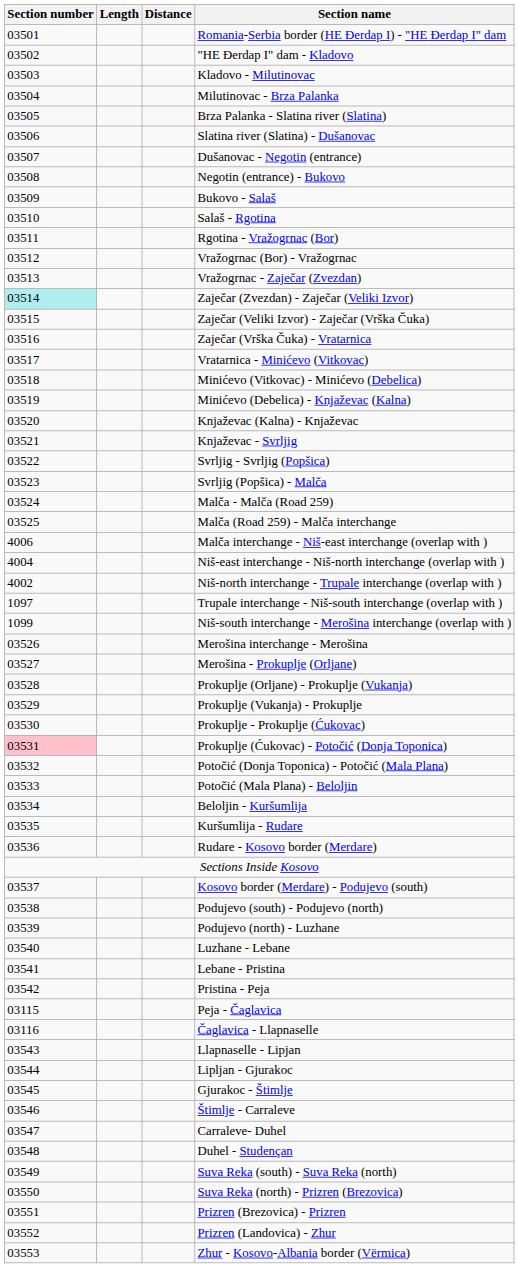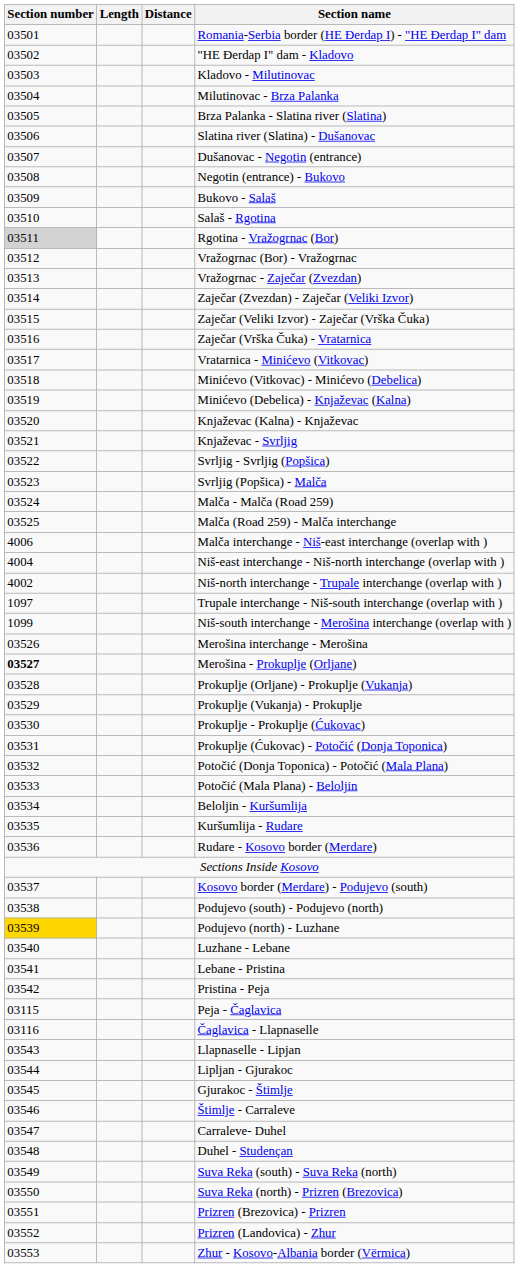 <table class="wikitable">
 <tr>
 <th>Section number</th>
 <th>Length</th>
 <th>Distance</th>
 <th>Section name</th>
 </tr>
 <tr>
 <td>03501</td>
 <td></td>
 <td></td>
 <td><a href='#'>Romania</a>-<a href='#'>Serbia</a> border (<a href='#'>HE Đerdap I</a>) - <a href='#'>"HE Đerdap I" dam</a></td>
 </tr>
 <tr>
 <td>03502</td>
 <td></td>
 <td></td>
 <td>"HE Đerdap I" dam - <a href='#'>Kladovo</a></td>
 </tr>
 <tr>
 <td>03503</td>
 <td></td>
 <td></td>
 <td>Kladovo - <a href='#'>Milutinovac</a></td>
 </tr>
 <tr>
 <td>03504</td>
 <td></td>
 <td></td>
 <td>Milutinovac - <a href='#'>Brza Palanka</a></td>
 </tr>
 <tr>
 <td>03505</td>
 <td></td>
 <td></td>
 <td>Brza Palanka - Slatina river (<a href='#'>Slatina</a>)</td>
 </tr>
 <tr>
 <td>03506</td>
 <td></td>
 <td></td>
 <td>Slatina river (Slatina) - <a href='#'>Dušanovac</a></td>
 </tr>
 <tr>
 <td>03507</td>
 <td></td>
 <td></td>
 <td>Dušanovac - <a href='#'>Negotin</a> (entrance)</td>
 </tr>
 <tr>
 <td>03508</td>
 <td></td>
 <td></td>
 <td>Negotin (entrance) - <a href='#'>Bukovo</a></td>
 </tr>
 <tr>
 <td>03509</td>
 <td></td>
 <td></td>
 <td>Bukovo - <a href='#'>Salaš</a></td>
 </tr>
 <tr>
 <td>03510</td>
 <td></td>
 <td></td>
 <td>Salaš - <a href='#'>Rgotina</a></td>
 </tr>
 <tr>
-<td>03511</td>
+<td style="background: lightgrey;">03511</td>
 <td></td>
 <td></td>
 <td>Rgotina - <a href='#'>Vražogrnac</a> (<a href='#'>Bor</a>)</td>
 </tr>
 <tr>
 <td>03512</td>
 <td></td>
 <td></td>
 <td>Vražogrnac (Bor) - Vražogrnac</td>
 </tr>
 <tr>
 <td>03513</td>
 <td></td>
 <td></td>
 <td>Vražogrnac - <a href='#'>Zaječar</a> (<a href='#'>Zvezdan</a>)</td>
 </tr>
 <tr>
-<td style="background: paleturquoise;">03514</td>
+<td>03514</td>
 <td></td>
 <td></td>
 <td>Zaječar (Zvezdan) - Zaječar (<a href='#'>Veliki Izvor</a>)</td>
 </tr>
 <tr>
 <td>03515</td>
 <td></td>
 <td></td>
 <td>Zaječar (Veliki Izvor) - Zaječar (Vrška Čuka)</td>
 </tr>
 <tr>
 <td>03516</td>
 <td></td>
 <td></td>
 <td>Zaječar (Vrška Čuka) - <a href='#'>Vratarnica</a></td>
 </tr>
 <tr>
 <td>03517</td>
 <td></td>
 <td></td>
 <td>Vratarnica - <a href='#'>Minićevo</a> (<a href='#'>Vitkovac</a>)</td>
 </tr>
 <tr>
 <td>03518</td>
 <td></td>
 <td></td>
 <td>Minićevo (Vitkovac) - Minićevo (<a href='#'>Debelica</a>)</td>
 </tr>
 <tr>
 <td>03519</td>
 <td></td>
 <td></td>
 <td>Minićevo (Debelica) - <a href='#'>Knjaževac</a> (<a href='#'>Kalna</a>)</td>
 </tr>
 <tr>
 <td>03520</td>
 <td></td>
 <td></td>
 <td>Knjaževac (Kalna) - Knjaževac</td>
 </tr>
 <tr>
 <td>03521</td>
 <td></td>
 <td></td>
 <td>Knjaževac - <a href='#'>Svrljig</a></td>
 </tr>
 <tr>
 <td>03522</td>
 <td></td>
 <td></td>
 <td>Svrljig - Svrljig (<a href='#'>Popšica</a>)</td>
 </tr>
 <tr>
 <td>03523</td>
 <td></td>
 <td></td>
 <td>Svrljig (Popšica) - <a href='#'>Malča</a></td>
 </tr>
 <tr>
 <td>03524</td>
 <td></td>
 <td></td>
 <td>Malča - Malča (Road 259)</td>
 </tr>
 <tr>
 <td>03525</td>
 <td></td>
 <td></td>
 <td>Malča (Road 259) - Malča interchange</td>
 </tr>
 <tr>
 <td>4006</td>
 <td></td>
 <td></td>
 <td>Malča interchange - <a href='#'>Niš</a>-east interchange (overlap with )</td>
 </tr>
 <tr>
 <td>4004</td>
 <td></td>
 <td></td>
 <td>Niš-east interchange -  Niš-north interchange (overlap with )</td>
 </tr>
 <tr>
 <td>4002</td>
 <td></td>
 <td></td>
 <td>Niš-north interchange - <a href='#'>Trupale</a> interchange (overlap with )</td>
 </tr>
 <tr>
 <td>1097</td>
 <td></td>
 <td></td>
 <td>Trupale interchange - Niš-south interchange (overlap with )</td>
 </tr>
 <tr>
 <td>1099</td>
 <td></td>
 <td></td>
 <td>Niš-south interchange - <a href='#'>Merošina</a> interchange (overlap with )</td>
 </tr>
 <tr>
 <td>03526</td>
 <td></td>
 <td></td>
 <td>Merošina interchange - Merošina</td>
 </tr>
 <tr>
-<td>03527</td>
+<td><strong>03527</strong></td>
 <td></td>
 <td></td>
 <td>Merošina - <a href='#'>Prokuplje</a> (<a href='#'>Orljane</a>)</td>
 </tr>
 <tr>
 <td>03528</td>
 <td></td>
 <td></td>
 <td>Prokuplje (Orljane) - Prokuplje (<a href='#'>Vukanja</a>)</td>
 </tr>
 <tr>
 <td>03529</td>
 <td></td>
 <td></td>
 <td>Prokuplje (Vukanja) - Prokuplje</td>
 </tr>
 <tr>
 <td>03530</td>
 <td></td>
 <td></td>
 <td>Prokuplje - Prokuplje (<a href='#'>Ćukovac</a>)</td>
 </tr>
 <tr>
-<td style="background: pink;">03531</td>
+<td>03531</td>
 <td></td>
 <td></td>
 <td>Prokuplje (Ćukovac) - <a href='#'>Potočić</a> (<a href='#'>Donja Toponica</a>)</td>
 </tr>
 <tr>
 <td>03532</td>
 <td></td>
 <td></td>
 <td>Potočić (Donja Toponica) - Potočić (<a href='#'>Mala Plana</a>)</td>
 </tr>
 <tr>
 <td>03533</td>
 <td></td>
 <td></td>
 <td>Potočić (Mala Plana) - <a href='#'>Beloljin</a></td>
 </tr>
 <tr>
 <td>03534</td>
 <td></td>
 <td></td>
 <td>Beloljin - <a href='#'>Kuršumlija</a></td>
 </tr>
 <tr>
 <td>03535</td>
 <td></td>
 <td></td>
 <td>Kuršumlija - <a href='#'>Rudare</a></td>
 </tr>
 <tr>
 <td>03536</td>
 <td></td>
 <td></td>
 <td>Rudare - <a href='#'>Kosovo</a> border (<a href='#'>Merdare</a>)</td>
 </tr>
 <tr>
 <td colspan="4" style="text-align:center;"><em>Sections Inside <a href='#'>Kosovo</a></em></td>
 </tr>
 <tr>
 <td>03537</td>
 <td></td>
 <td></td>
 <td><a href='#'>Kosovo</a> border (<a href='#'>Merdare</a>) - <a href='#'>Podujevo</a> (south)</td>
 </tr>
 <tr>
 <td>03538</td>
 <td></td>
 <td></td>
 <td>Podujevo (south) - Podujevo (north)</td>
 </tr>
 <tr>
-<td>03539</td>
+<td style="background: gold;">03539</td>
 <td></td>
 <td></td>
 <td>Podujevo (north) - Luzhane</td>
 </tr>
 <tr>
 <td>03540</td>
 <td></td>
 <td></td>
 <td>Luzhane - Lebane</td>
 </tr>
 <tr>
 <td>03541</td>
 <td></td>
 <td></td>
 <td>Lebane - Pristina</td>
 </tr>
 <tr>
 <td>03542</td>
 <td></td>
 <td></td>
 <td>Pristina - Peja</td>
 </tr>
 <tr>
 <td>03115</td>
 <td></td>
 <td></td>
 <td>Peja - <a href='#'>Čaglavica</a></td>
 </tr>
 <tr>
 <td>03116</td>
 <td></td>
 <td></td>
 <td><a href='#'>Čaglavica</a> - Llapnaselle</td>
 </tr>
 <tr>
 <td>03543</td>
 <td></td>
 <td></td>
 <td>Llapnaselle - Lipjan</td>
 </tr>
 <tr>
 <td>03544</td>
 <td></td>
 <td></td>
 <td>Lipljan - Gjurakoc</td>
 </tr>
 <tr>
 <td>03545</td>
 <td></td>
 <td></td>
 <td>Gjurakoc - <a href='#'>Štimlje</a></td>
 </tr>
 <tr>
 <td>03546</td>
 <td></td>
 <td></td>
 <td><a href='#'>Štimlje</a> - Carraleve</td>
 </tr>
 <tr>
 <td>03547</td>
 <td></td>
 <td></td>
 <td>Carraleve- Duhel</td>
 </tr>
 <tr>
 <td>03548</td>
 <td></td>
 <td></td>
 <td>Duhel - <a href='#'>Studençan</a></td>
 </tr>
 <tr>
 <td>03549</td>
 <td></td>
 <td></td>
 <td><a href='#'>Suva Reka</a> (south) - <a href='#'>Suva Reka</a> (north)</td>
 </tr>
 <tr>
 <td>03550</td>
 <td></td>
 <td></td>
 <td><a href='#'>Suva Reka</a> (north) - <a href='#'>Prizren</a> (<a href='#'>Brezovica</a>)</td>
 </tr>
 <tr>
 <td>03551</td>
 <td></td>
 <td></td>
 <td><a href='#'>Prizren</a> (Brezovica) - <a href='#'>Prizren</a></td>
 </tr>
 <tr>
 <td>03552</td>
 <td></td>
 <td></td>
 <td><a href='#'>Prizren</a> (Landovica) - <a href='#'>Zhur</a></td>
 </tr>
 <tr>
 <td>03553</td>
 <td></td>
 <td></td>
 <td><a href='#'>Zhur</a> - <a href='#'>Kosovo</a>-<a href='#'>Albania</a> border (<a href='#'>Vërmica</a>)</td>
 </tr>
 </table>
